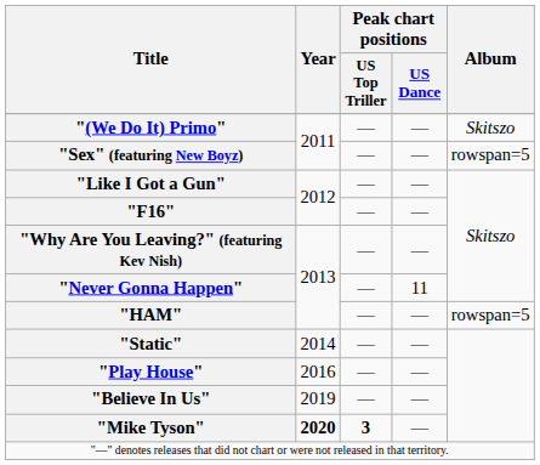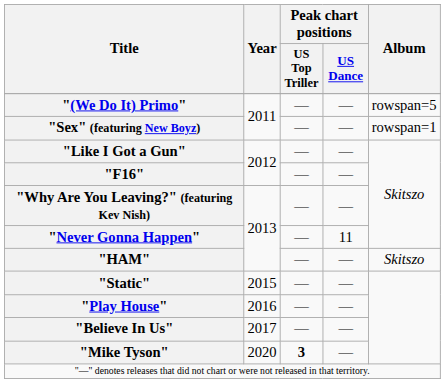 <table class="wikitable plainrowheaders" style="text-align:center;" border="1">
 <tr>
 <th scope="col" rowspan=2 style="width:16em;">Title</th>
 <th scope="col" rowspan=2>Year</th>
 <th scope="col" colspan=2>Peak chart positions</th>
 <th scope="col" rowspan=2>Album</th>
 </tr>
 <tr>
 <th scope="col" style="width:3em;font-size:85%;">US Top Triller<br></th>
 <th scope="col" style="width:3em;font-size:90%;"><a href='#'>US Dance</a><br></th>
 </tr>
 <tr>
 </tr>
 <tr>
 <th scope="row">"<a href='#'>(We Do It) Primo</a>"</th>
 <td rowspan=2>2011</td>
 <td>—</td>
 <td>—</td>
-<td rowspan=1><em>Skitszo</em></td>
+<td>rowspan=5 </td>
 </tr>
 <tr>
 <th scope="row">"Sex" <small>(featuring <a href='#'>New Boyz</a>)</small></th>
 <td>—</td>
 <td>—</td>
-<td>rowspan=5 </td>
+<td>rowspan=1 </td>
 </tr>
 <tr>
 <th scope="row">"Like I Got a Gun"</th>
 <td rowspan=2>2012</td>
 <td>—</td>
 <td>—</td>
 <td rowspan=4><em>Skitszo</em></td>
 </tr>
 <tr>
 <th scope="row">"F16"</th>
 <td>—</td>
 <td>—</td>
 </tr>
 <tr>
 <th scope="row">"Why Are You Leaving?" <small>(featuring Kev Nish)</small></th>
 <td rowspan=3>2013</td>
 <td>—</td>
 <td>—</td>
 </tr>
 <tr>
 <th scope="row">"<a href='#'>Never Gonna Happen</a>"</th>
 <td>—</td>
 <td>11</td>
 </tr>
 <tr>
 <th scope="row">"HAM" </th>
 <td>—</td>
 <td>—</td>
-<td>rowspan=5 </td>
+<td rowspan=1><em>Skitszo</em></td>
 </tr>
 <tr>
 <th scope="row">"Static"</th>
-<td>2014</td>
+<td>2015</td>
 <td>—</td>
 <td>—</td>
 </tr>
 <tr>
 <th scope="row">"<a href='#'>Play House</a>"</th>
 <td>2016</td>
 <td>—</td>
 <td>—</td>
 </tr>
 <tr>
 <th scope="row">"Believe In Us"</th>
-<td>2019</td>
+<td>2017</td>
 <td>—</td>
 <td>—</td>
 </tr>
 <tr>
 <th scope="row">"Mike Tyson" </th>
-<td><strong>2020</strong></td>
+<td>2020</td>
 <td><strong>3</strong></td>
 <td>—</td>
 </tr>
 <tr>
 <td align="center" colspan=6 style="font-size:8pt">"—" denotes releases that did not chart or were not released in that territory.</td>
 </tr>
 </table>
